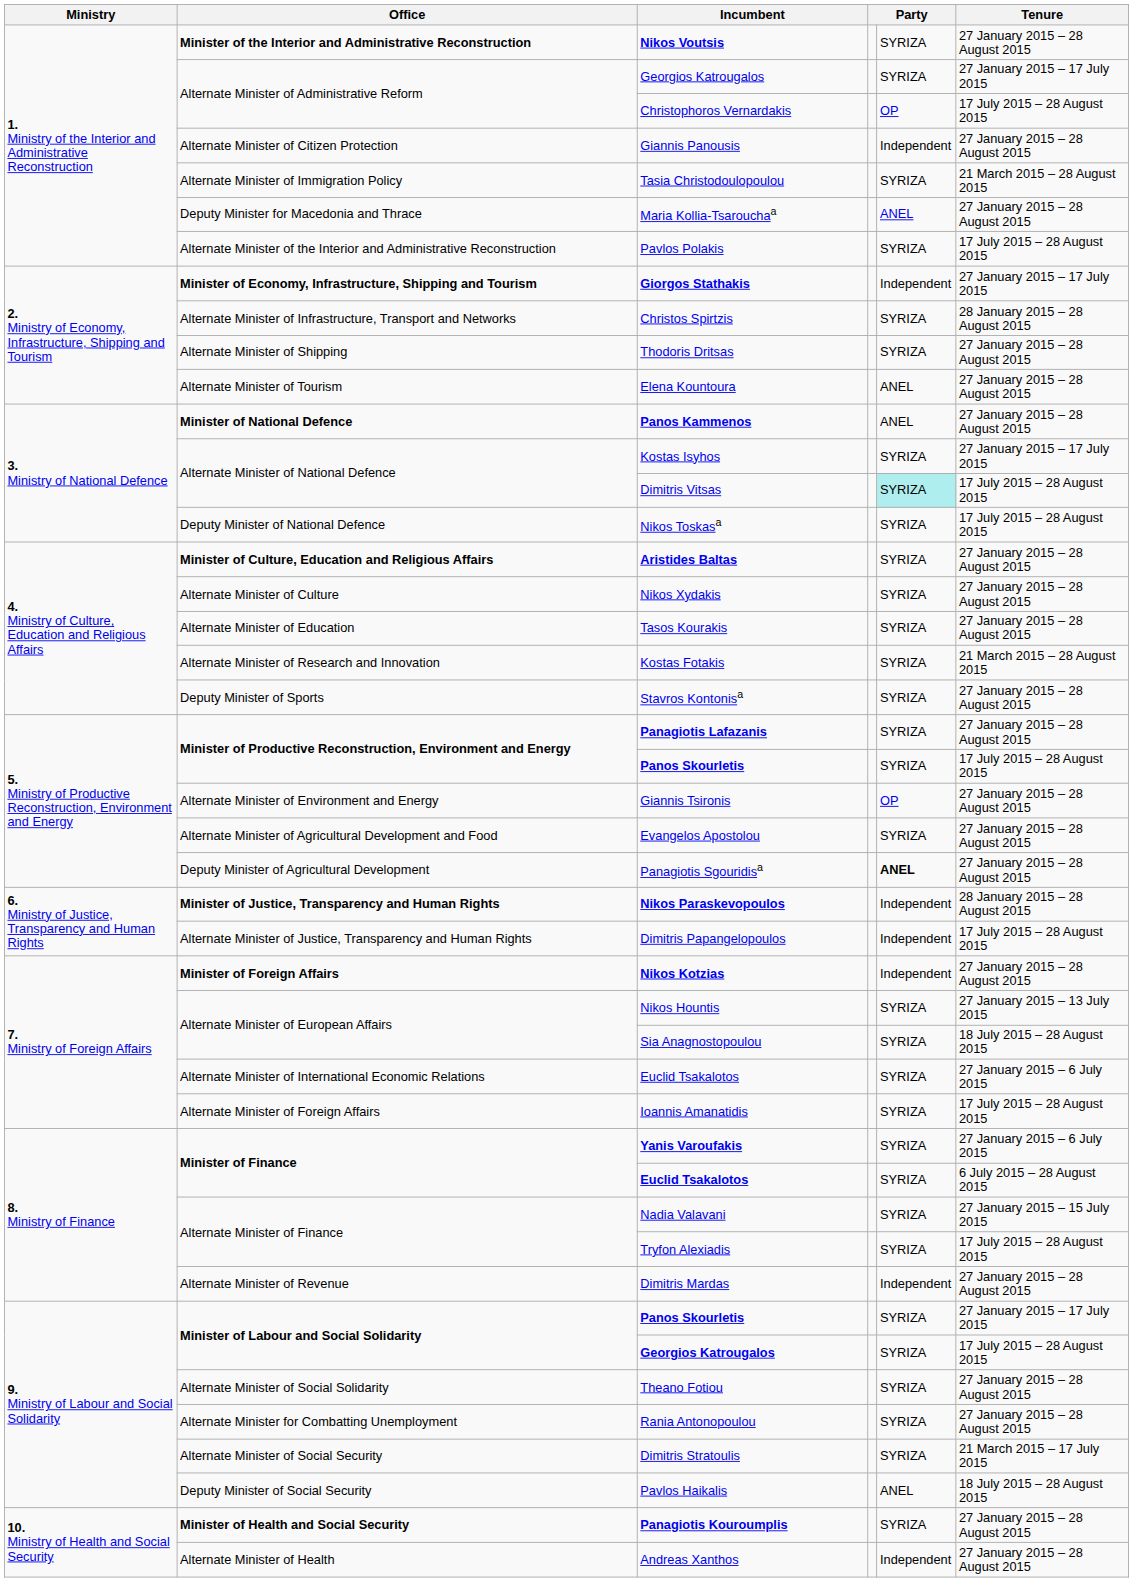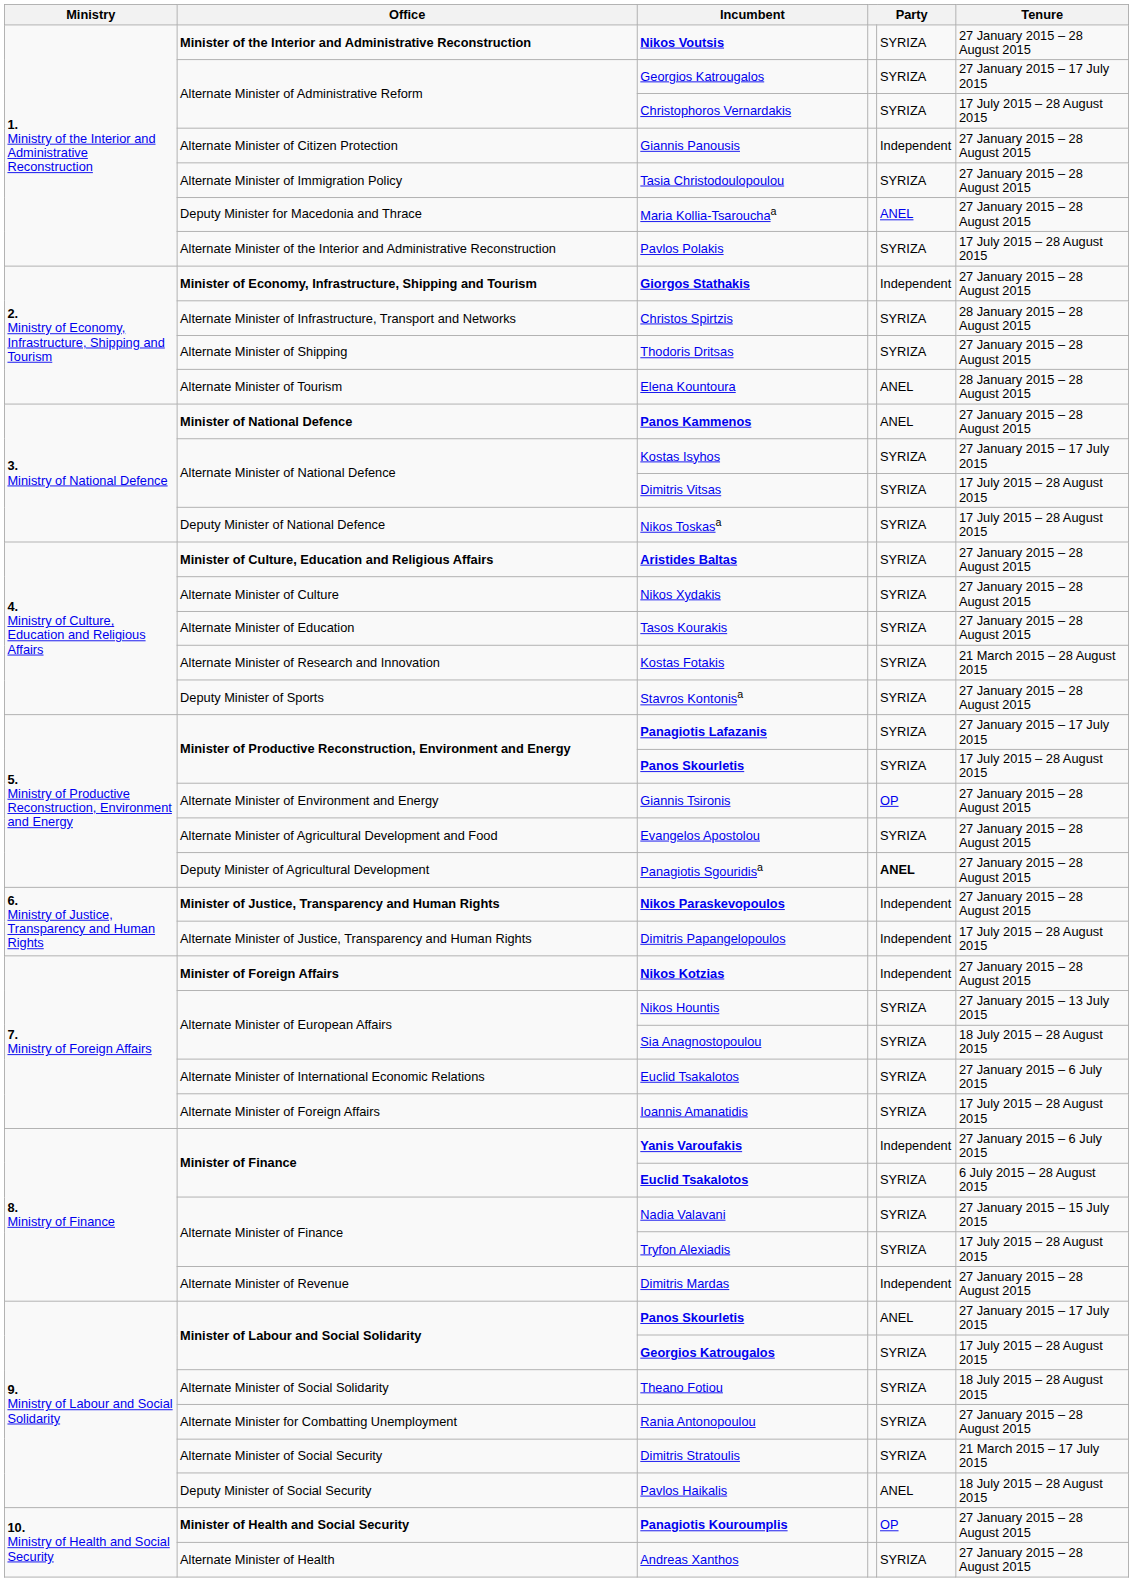 <table class="wikitable" style="width: 100%; font-size: 90%;">
 <tr>
 <th width=15%>Ministry</th>
 <th width=40%>Office</th>
 <th width=20%>Incumbent</th>
 <th colspan=2 width=7%>Party</th>
 <th width=15%>Tenure</th>
 </tr>
 <tr>
 <td rowspan=7><strong>1.</strong><br><a href='#'>Ministry of the Interior and Administrative Reconstruction</a></td>
 <td><strong>Minister of the Interior and Administrative Reconstruction</strong></td>
 <td><strong><a href='#'>Nikos Voutsis</a></strong></td>
 <td width=5px style="background-color: "></td>
 <td>SYRIZA</td>
 <td>27 January 2015 – 28 August 2015</td>
 </tr>
 <tr>
 <td rowspan=2>Alternate Minister of Administrative Reform</td>
 <td><a href='#'>Georgios Katrougalos</a></td>
 <td width=5px style="background-color: "></td>
 <td>SYRIZA</td>
 <td>27 January 2015 – 17 July 2015</td>
 </tr>
 <tr>
 <td><a href='#'>Christophoros Vernardakis</a></td>
 <td width=5px style="background-color: "></td>
-<td><a href='#'>OP</a></td>
+<td>SYRIZA</td>
 <td>17 July 2015 – 28 August 2015</td>
 </tr>
 <tr>
 <td>Alternate Minister of Citizen Protection</td>
 <td><a href='#'>Giannis Panousis</a></td>
 <td width=5px style="background-color: "></td>
 <td>Independent</td>
 <td>27 January 2015 – 28 August 2015</td>
 </tr>
 <tr>
 <td>Alternate Minister of Immigration Policy</td>
 <td><a href='#'>Tasia Christodoulopoulou</a></td>
 <td width=5px style="background-color: "></td>
 <td>SYRIZA</td>
-<td>21 March 2015 – 28 August 2015</td>
+<td>27 January 2015 – 28 August 2015</td>
 </tr>
 <tr>
 <td>Deputy Minister for Macedonia and Thrace</td>
 <td><a href='#'>Maria Kollia-Tsaroucha</a><sup>a</sup></td>
 <td width=5px style="background-color: "></td>
 <td><a href='#'>ANEL</a></td>
 <td>27 January 2015 – 28 August 2015</td>
 </tr>
 <tr>
 <td>Alternate Minister of the Interior and Administrative Reconstruction</td>
 <td><a href='#'>Pavlos Polakis</a></td>
 <td width=5px style="background-color: "></td>
 <td>SYRIZA</td>
 <td>17 July 2015 – 28 August 2015</td>
 </tr>
 <tr>
 <td rowspan=4><strong>2.</strong><br><a href='#'>Ministry of Economy, Infrastructure, Shipping and Tourism</a></td>
 <td><strong>Minister of Economy, Infrastructure, Shipping and Tourism</strong></td>
 <td><strong><a href='#'>Giorgos Stathakis</a></strong></td>
 <td width=5px style="background-color: "></td>
 <td>Independent</td>
-<td>27 January 2015 – 17 July 2015</td>
+<td>27 January 2015 – 28 August 2015</td>
 </tr>
 <tr>
 <td>Alternate Minister of Infrastructure, Transport and Networks</td>
 <td><a href='#'>Christos Spirtzis</a></td>
 <td width=5px style="background-color: "></td>
 <td>SYRIZA</td>
 <td>28 January 2015 – 28 August 2015</td>
 </tr>
 <tr>
 <td>Alternate Minister of Shipping</td>
 <td><a href='#'>Thodoris Dritsas</a></td>
 <td width=5px style="background-color: "></td>
 <td>SYRIZA</td>
 <td>27 January 2015 – 28 August 2015</td>
 </tr>
 <tr>
 <td>Alternate Minister of Tourism</td>
 <td><a href='#'>Elena Kountoura</a></td>
 <td width=5px style="background-color: "></td>
 <td>ANEL</td>
-<td>27 January 2015 – 28 August 2015</td>
+<td>28 January 2015 – 28 August 2015</td>
 </tr>
 <tr>
 <td rowspan=4><strong>3.</strong><br><a href='#'>Ministry of National Defence</a></td>
 <td><strong>Minister of National Defence</strong></td>
 <td><strong><a href='#'>Panos Kammenos</a></strong></td>
 <td width=5px style="background-color: "></td>
 <td>ANEL</td>
 <td>27 January 2015 – 28 August 2015</td>
 </tr>
 <tr>
 <td rowspan=2>Alternate Minister of National Defence</td>
 <td><a href='#'>Kostas Isyhos</a></td>
 <td width=5px style="background-color: "></td>
 <td>SYRIZA</td>
 <td>27 January 2015 – 17 July 2015</td>
 </tr>
 <tr>
 <td><a href='#'>Dimitris Vitsas</a></td>
 <td width=5px style="background-color: "></td>
-<td style="background: paleturquoise;">SYRIZA</td>
+<td>SYRIZA</td>
 <td>17 July 2015 – 28 August 2015</td>
 </tr>
 <tr>
 <td>Deputy Minister of National Defence</td>
 <td><a href='#'>Nikos Toskas</a><sup>a</sup></td>
 <td width=5px style="background-color: "></td>
 <td>SYRIZA</td>
 <td>17 July 2015 – 28 August 2015</td>
 </tr>
 <tr>
 <td rowspan=5><strong>4.</strong><br><a href='#'>Ministry of Culture, Education and Religious Affairs</a></td>
 <td><strong>Minister of Culture, Education and Religious Affairs</strong></td>
 <td><strong><a href='#'>Aristides Baltas</a></strong></td>
 <td width=5px style="background-color: "></td>
 <td>SYRIZA</td>
 <td>27 January 2015 – 28 August 2015</td>
 </tr>
 <tr>
 <td>Alternate Minister of Culture</td>
 <td><a href='#'>Nikos Xydakis</a></td>
 <td width=5px style="background-color: "></td>
 <td>SYRIZA</td>
 <td>27 January 2015 – 28 August 2015</td>
 </tr>
 <tr>
 <td>Alternate Minister of Education</td>
 <td><a href='#'>Tasos Kourakis</a></td>
 <td width=5px style="background-color: "></td>
 <td>SYRIZA</td>
 <td>27 January 2015 – 28 August 2015</td>
 </tr>
 <tr>
 <td>Alternate Minister of Research and Innovation</td>
 <td><a href='#'>Kostas Fotakis</a></td>
 <td width=5px style="background-color: "></td>
 <td>SYRIZA</td>
 <td>21 March 2015 – 28 August 2015</td>
 </tr>
 <tr>
 <td>Deputy Minister of Sports</td>
 <td><a href='#'>Stavros Kontonis</a><sup>a</sup></td>
 <td width=5px style="background-color: "></td>
 <td>SYRIZA</td>
 <td>27 January 2015 – 28 August 2015</td>
 </tr>
 <tr>
 <td rowspan=5><strong>5.</strong><br><a href='#'>Ministry of Productive Reconstruction, Environment and Energy</a></td>
 <td rowspan=2><strong>Minister of Productive Reconstruction, Environment and Energy</strong></td>
 <td><strong><a href='#'>Panagiotis Lafazanis</a></strong></td>
 <td width=5px style="background-color: "></td>
 <td>SYRIZA</td>
-<td>27 January 2015 – 28 August 2015</td>
+<td>27 January 2015 – 17 July 2015</td>
 </tr>
 <tr>
 <td><strong><a href='#'>Panos Skourletis</a></strong></td>
 <td width=5px style="background-color: "></td>
 <td>SYRIZA</td>
 <td>17 July 2015 – 28 August 2015</td>
 </tr>
 <tr>
 <td>Alternate Minister of Environment and Energy</td>
 <td><a href='#'>Giannis Tsironis</a></td>
 <td width=5px style="background-color: "></td>
 <td><a href='#'>OP</a></td>
 <td>27 January 2015 – 28 August 2015</td>
 </tr>
 <tr>
 <td>Alternate Minister of Agricultural Development and Food</td>
 <td><a href='#'>Evangelos Apostolou</a></td>
 <td width=5px style="background-color: "></td>
 <td>SYRIZA</td>
 <td>27 January 2015 – 28 August 2015</td>
 </tr>
 <tr>
 <td>Deputy Minister of Agricultural Development</td>
 <td><a href='#'>Panagiotis Sgouridis</a><sup>a</sup></td>
 <td width=5px style="background-color: "></td>
 <td><strong>ANEL</strong></td>
 <td>27 January 2015 – 28 August 2015</td>
 </tr>
 <tr>
 <td rowspan=2><strong>6.</strong><br><a href='#'>Ministry of Justice, Transparency and Human Rights</a></td>
 <td><strong>Minister of Justice, Transparency and Human Rights</strong></td>
 <td><strong><a href='#'>Nikos Paraskevopoulos</a></strong></td>
 <td width=5px style="background-color: "></td>
 <td>Independent</td>
-<td>28 January 2015 – 28 August 2015</td>
+<td>27 January 2015 – 28 August 2015</td>
 </tr>
 <tr>
 <td>Alternate Minister of Justice, Transparency and Human Rights</td>
 <td><a href='#'>Dimitris Papangelopoulos</a></td>
 <td width=5px style="background-color: "></td>
 <td>Independent</td>
 <td>17 July 2015 – 28 August 2015</td>
 </tr>
 <tr>
 <td rowspan=5><strong>7.</strong><br><a href='#'>Ministry of Foreign Affairs</a></td>
 <td><strong>Minister of Foreign Affairs</strong></td>
 <td><strong><a href='#'>Nikos Kotzias</a></strong></td>
 <td width=5px style="background-color: "></td>
 <td>Independent</td>
 <td>27 January 2015 – 28 August 2015</td>
 </tr>
 <tr>
 <td rowspan=2>Alternate Minister of European Affairs</td>
 <td><a href='#'>Nikos Hountis</a></td>
 <td width=5px style="background-color: "></td>
 <td>SYRIZA</td>
 <td>27 January 2015 – 13 July 2015</td>
 </tr>
 <tr>
 <td><a href='#'>Sia Anagnostopoulou</a></td>
 <td width=5px style="background-color: "></td>
 <td>SYRIZA</td>
 <td>18 July 2015 – 28 August 2015</td>
 </tr>
 <tr>
 <td>Alternate Minister of International Economic Relations</td>
 <td><a href='#'>Euclid Tsakalotos</a></td>
 <td width=5px style="background-color: "></td>
 <td>SYRIZA</td>
 <td>27 January 2015 – 6 July 2015</td>
 </tr>
 <tr>
 <td>Alternate Minister of Foreign Affairs</td>
 <td><a href='#'>Ioannis Amanatidis</a></td>
 <td width=5px style="background-color: "></td>
 <td>SYRIZA</td>
 <td>17 July 2015 – 28 August 2015</td>
 </tr>
 <tr>
 <td rowspan=5><strong>8.</strong><br><a href='#'>Ministry of Finance</a></td>
 <td rowspan=2><strong>Minister of Finance</strong></td>
 <td><strong><a href='#'>Yanis Varoufakis</a></strong></td>
 <td width=5px style="background-color: "></td>
-<td>SYRIZA</td>
+<td>Independent</td>
 <td>27 January 2015 – 6 July 2015</td>
 </tr>
 <tr>
 <td><strong><a href='#'>Euclid Tsakalotos</a></strong></td>
 <td width=5px style="background-color: "></td>
 <td>SYRIZA</td>
 <td>6 July 2015 – 28 August 2015</td>
 </tr>
 <tr>
 <td rowspan=2>Alternate Minister of Finance</td>
 <td><a href='#'>Nadia Valavani</a></td>
 <td width=5px style="background-color: "></td>
 <td>SYRIZA</td>
 <td>27 January 2015 – 15 July 2015</td>
 </tr>
 <tr>
 <td><a href='#'>Tryfon Alexiadis</a></td>
 <td width=5px style="background-color: "></td>
 <td>SYRIZA</td>
 <td>17 July 2015 – 28 August 2015</td>
 </tr>
 <tr>
 <td>Alternate Minister of Revenue</td>
 <td><a href='#'>Dimitris Mardas</a></td>
 <td width=5px style="background-color: "></td>
 <td>Independent</td>
 <td>27 January 2015 – 28 August 2015</td>
 </tr>
 <tr>
 <td rowspan=6><strong>9.</strong><br><a href='#'>Ministry of Labour and Social Solidarity</a></td>
 <td rowspan=2><strong>Minister of Labour and Social Solidarity</strong></td>
 <td><strong><a href='#'>Panos Skourletis</a></strong></td>
 <td width=5px style="background-color: "></td>
-<td>SYRIZA</td>
+<td>ANEL</td>
 <td>27 January 2015 – 17 July 2015</td>
 </tr>
 <tr>
 <td><strong><a href='#'>Georgios Katrougalos</a></strong></td>
 <td width=5px style="background-color: "></td>
 <td>SYRIZA</td>
 <td>17 July 2015 – 28 August 2015</td>
 </tr>
 <tr>
 <td>Alternate Minister of Social Solidarity</td>
 <td><a href='#'>Theano Fotiou</a></td>
 <td width=5px style="background-color: "></td>
 <td>SYRIZA</td>
-<td>27 January 2015 – 28 August 2015</td>
+<td>18 July 2015 – 28 August 2015</td>
 </tr>
 <tr>
 <td>Alternate Minister for Combatting Unemployment</td>
 <td><a href='#'>Rania Antonopoulou</a></td>
 <td width=5px style="background-color: "></td>
 <td>SYRIZA</td>
 <td>27 January 2015 – 28 August 2015</td>
 </tr>
 <tr>
 <td>Alternate Minister of Social Security</td>
 <td><a href='#'>Dimitris Stratoulis</a></td>
 <td width=5px style="background-color: "></td>
 <td>SYRIZA</td>
 <td>21 March 2015 – 17 July 2015</td>
 </tr>
 <tr>
 <td>Deputy Minister of Social Security</td>
 <td><a href='#'>Pavlos Haikalis</a></td>
 <td width=5px style="background-color: "></td>
 <td>ANEL</td>
 <td>18 July 2015 – 28 August 2015</td>
 </tr>
 <tr>
 <td rowspan=2><strong>10.</strong><br><a href='#'>Ministry of Health and Social Security</a></td>
 <td><strong>Minister of Health and Social Security</strong></td>
 <td><strong><a href='#'>Panagiotis Kouroumplis</a></strong></td>
 <td width=5px style="background-color: "></td>
-<td>SYRIZA</td>
+<td><a href='#'>OP</a></td>
 <td>27 January 2015 – 28 August 2015</td>
 </tr>
 <tr>
 <td>Alternate Minister of Health</td>
 <td><a href='#'>Andreas Xanthos</a></td>
 <td width=5px style="background-color: "></td>
-<td>Independent</td>
+<td>SYRIZA</td>
 <td>27 January 2015 – 28 August 2015</td>
 </tr>
 </table>
